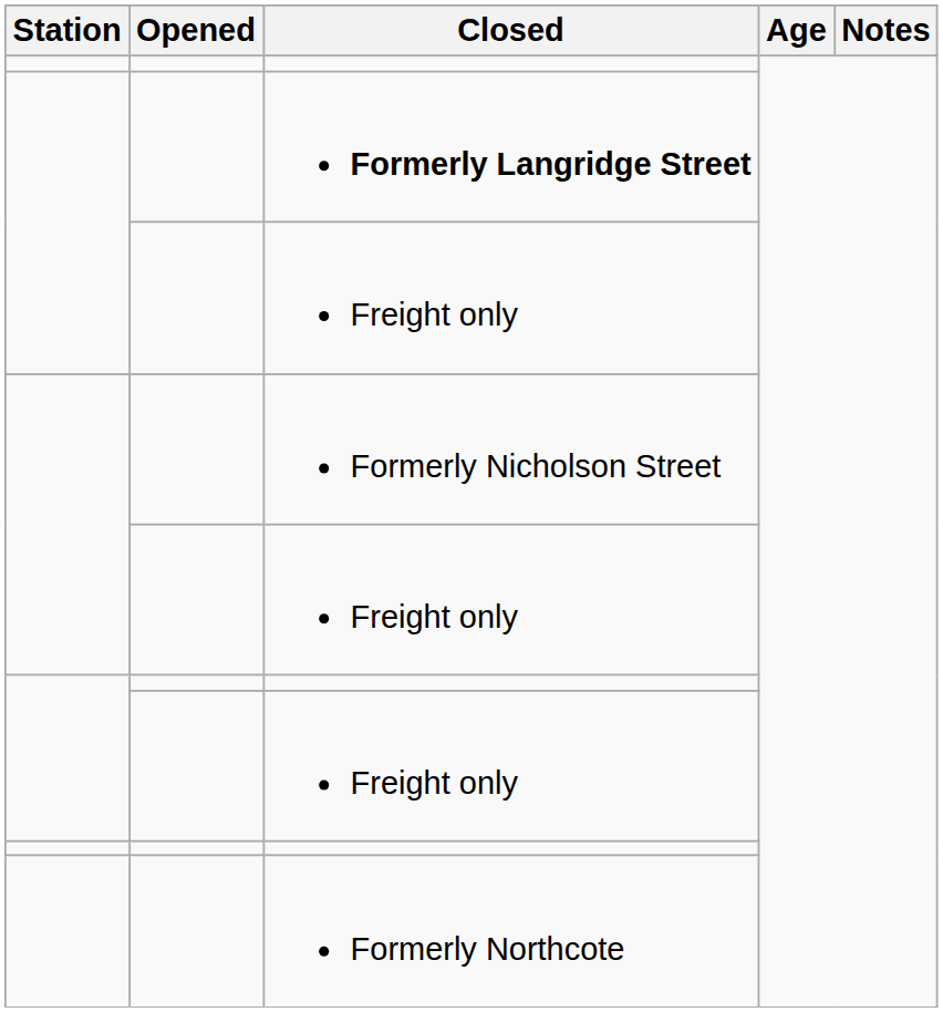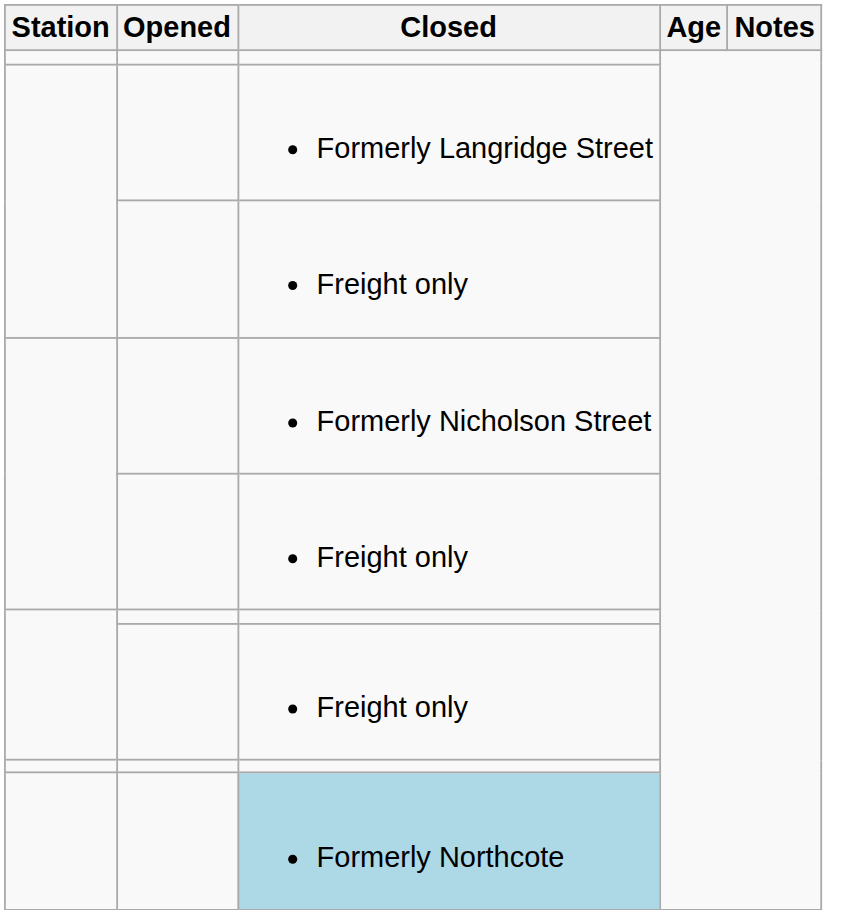 <table class="wikitable sortable">
 <tr>
 <th>Station</th>
 <th>Opened</th>
 <th>Closed</th>
 <th>Age</th>
 <th scope=col class=unsortable>Notes</th>
 </tr>
 <tr>
 <td></td>
 <td></td>
 <td></td>
 </tr>
 <tr>
 <td rowspan="2"></td>
 <td></td>
-<td><strong><br><ul><li>Formerly Langridge Street</li></ul></strong></td>
+<td><br><ul><li>Formerly Langridge Street</li></ul></td>
 </tr>
 <tr>
 <td></td>
 <td><br><ul><li>Freight only</li></ul></td>
 </tr>
 <tr>
 <td rowspan="2"></td>
 <td></td>
 <td><br><ul><li>Formerly Nicholson Street</li></ul></td>
 </tr>
 <tr>
 <td></td>
 <td><br><ul><li>Freight only</li></ul></td>
 </tr>
 <tr>
 <td rowspan="2"></td>
 <td></td>
 <td></td>
 </tr>
 <tr>
 <td></td>
 <td><br><ul><li>Freight only</li></ul></td>
 </tr>
 <tr>
 <td></td>
 <td></td>
 <td></td>
 </tr>
 <tr>
 <td></td>
 <td></td>
-<td><br><ul><li>Formerly Northcote</li></ul></td>
+<td style="background: lightblue;"><br><ul><li>Formerly Northcote</li></ul></td>
 </tr>
 </table>
